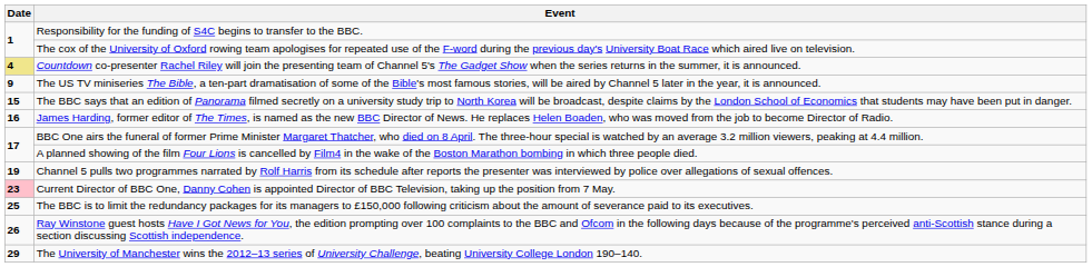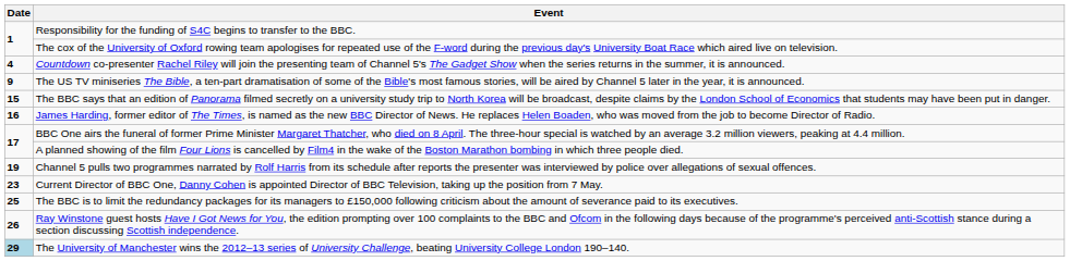 <table class="wikitable">
 <tr>
 <th>Date</th>
 <th>Event</th>
 </tr>
 <tr>
 <td rowspan=2><strong>1</strong></td>
 <td>Responsibility for the funding of <a href='#'>S4C</a> begins to transfer to the BBC.</td>
 </tr>
 <tr>
 <td>The cox of the <a href='#'>University of Oxford</a> rowing team apologises for repeated use of the <a href='#'>F-word</a> during the <a href='#'>previous day's</a> <a href='#'>University Boat Race</a> which aired live on television.</td>
 </tr>
 <tr>
-<td style="background: khaki;"><strong>4</strong></td>
+<td><strong>4</strong></td>
 <td><em><a href='#'>Countdown</a></em> co-presenter <a href='#'>Rachel Riley</a> will join the presenting team of Channel 5's <em><a href='#'>The Gadget Show</a></em> when the series returns in the summer, it is announced.</td>
 </tr>
 <tr>
 <td><strong>9</strong></td>
 <td>The US TV miniseries <em><a href='#'>The Bible</a></em>, a ten-part dramatisation of some of the <a href='#'>Bible</a>'s most famous stories, will be aired by Channel 5 later in the year, it is announced.</td>
 </tr>
 <tr>
 <td><strong>15</strong></td>
 <td>The BBC says that an edition of <em><a href='#'>Panorama</a></em> filmed secretly on a university study trip to <a href='#'>North Korea</a> will be broadcast, despite claims by the <a href='#'>London School of Economics</a> that students may have been put in danger.</td>
 </tr>
 <tr>
 <td><strong>16</strong></td>
 <td><a href='#'>James Harding</a>, former editor of <em><a href='#'>The Times</a></em>, is named as the new <a href='#'>BBC</a> Director of News. He replaces <a href='#'>Helen Boaden</a>, who was moved from the job to become Director of Radio.</td>
 </tr>
 <tr>
 <td rowspan=2><strong>17</strong></td>
 <td>BBC One airs the funeral of former Prime Minister <a href='#'>Margaret Thatcher</a>, who <a href='#'>died on 8 April</a>. The three-hour special is watched by an average 3.2 million viewers, peaking at 4.4 million.</td>
 </tr>
 <tr>
 <td>A planned showing of the film <em><a href='#'>Four Lions</a></em> is cancelled by <a href='#'>Film4</a> in the wake of the <a href='#'>Boston Marathon bombing</a> in which three people died.</td>
 </tr>
 <tr>
 <td><strong>19</strong></td>
 <td>Channel 5 pulls two programmes narrated by <a href='#'>Rolf Harris</a> from its schedule after reports the presenter was interviewed by police over allegations of sexual offences.</td>
 </tr>
 <tr>
-<td style="background: pink;"><strong>23</strong></td>
+<td><strong>23</strong></td>
 <td>Current Director of BBC One, <a href='#'>Danny Cohen</a> is appointed Director of BBC Television, taking up the position from 7 May.</td>
 </tr>
 <tr>
 <td><strong>25</strong></td>
 <td>The BBC is to limit the redundancy packages for its managers to £150,000 following criticism about the amount of severance paid to its executives.</td>
 </tr>
 <tr>
 <td><strong>26</strong></td>
 <td><a href='#'>Ray Winstone</a> guest hosts <em><a href='#'>Have I Got News for You</a></em>, the edition prompting over 100 complaints to the BBC and <a href='#'>Ofcom</a> in the following days because of the programme's perceived <a href='#'>anti-Scottish</a> stance during a section discussing <a href='#'>Scottish independence</a>.</td>
 </tr>
 <tr>
-<td><strong>29</strong></td>
+<td style="background: lightblue;"><strong>29</strong></td>
 <td>The <a href='#'>University of Manchester</a> wins the <a href='#'>2012–13 series</a> of <em><a href='#'>University Challenge</a></em>, beating <a href='#'>University College London</a> 190–140.</td>
 </tr>
 </table>
